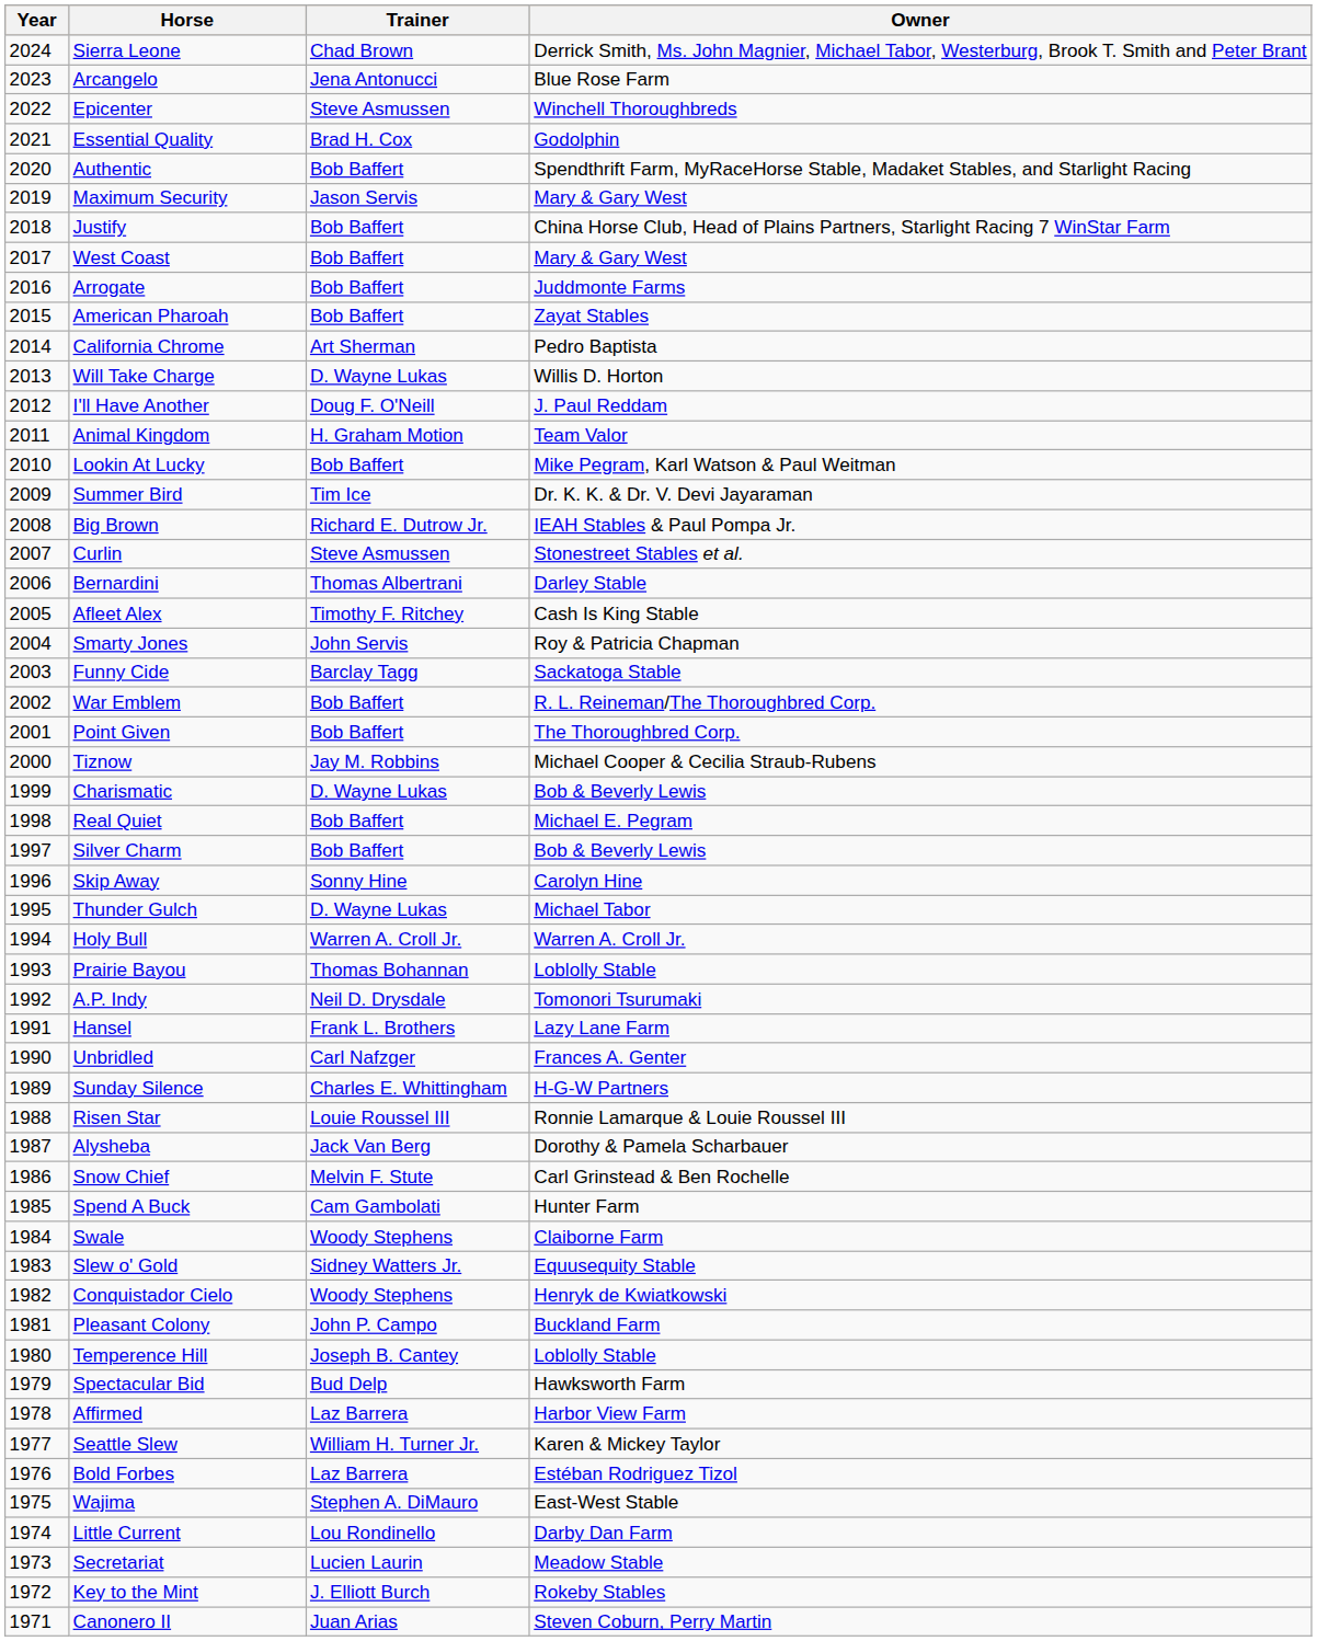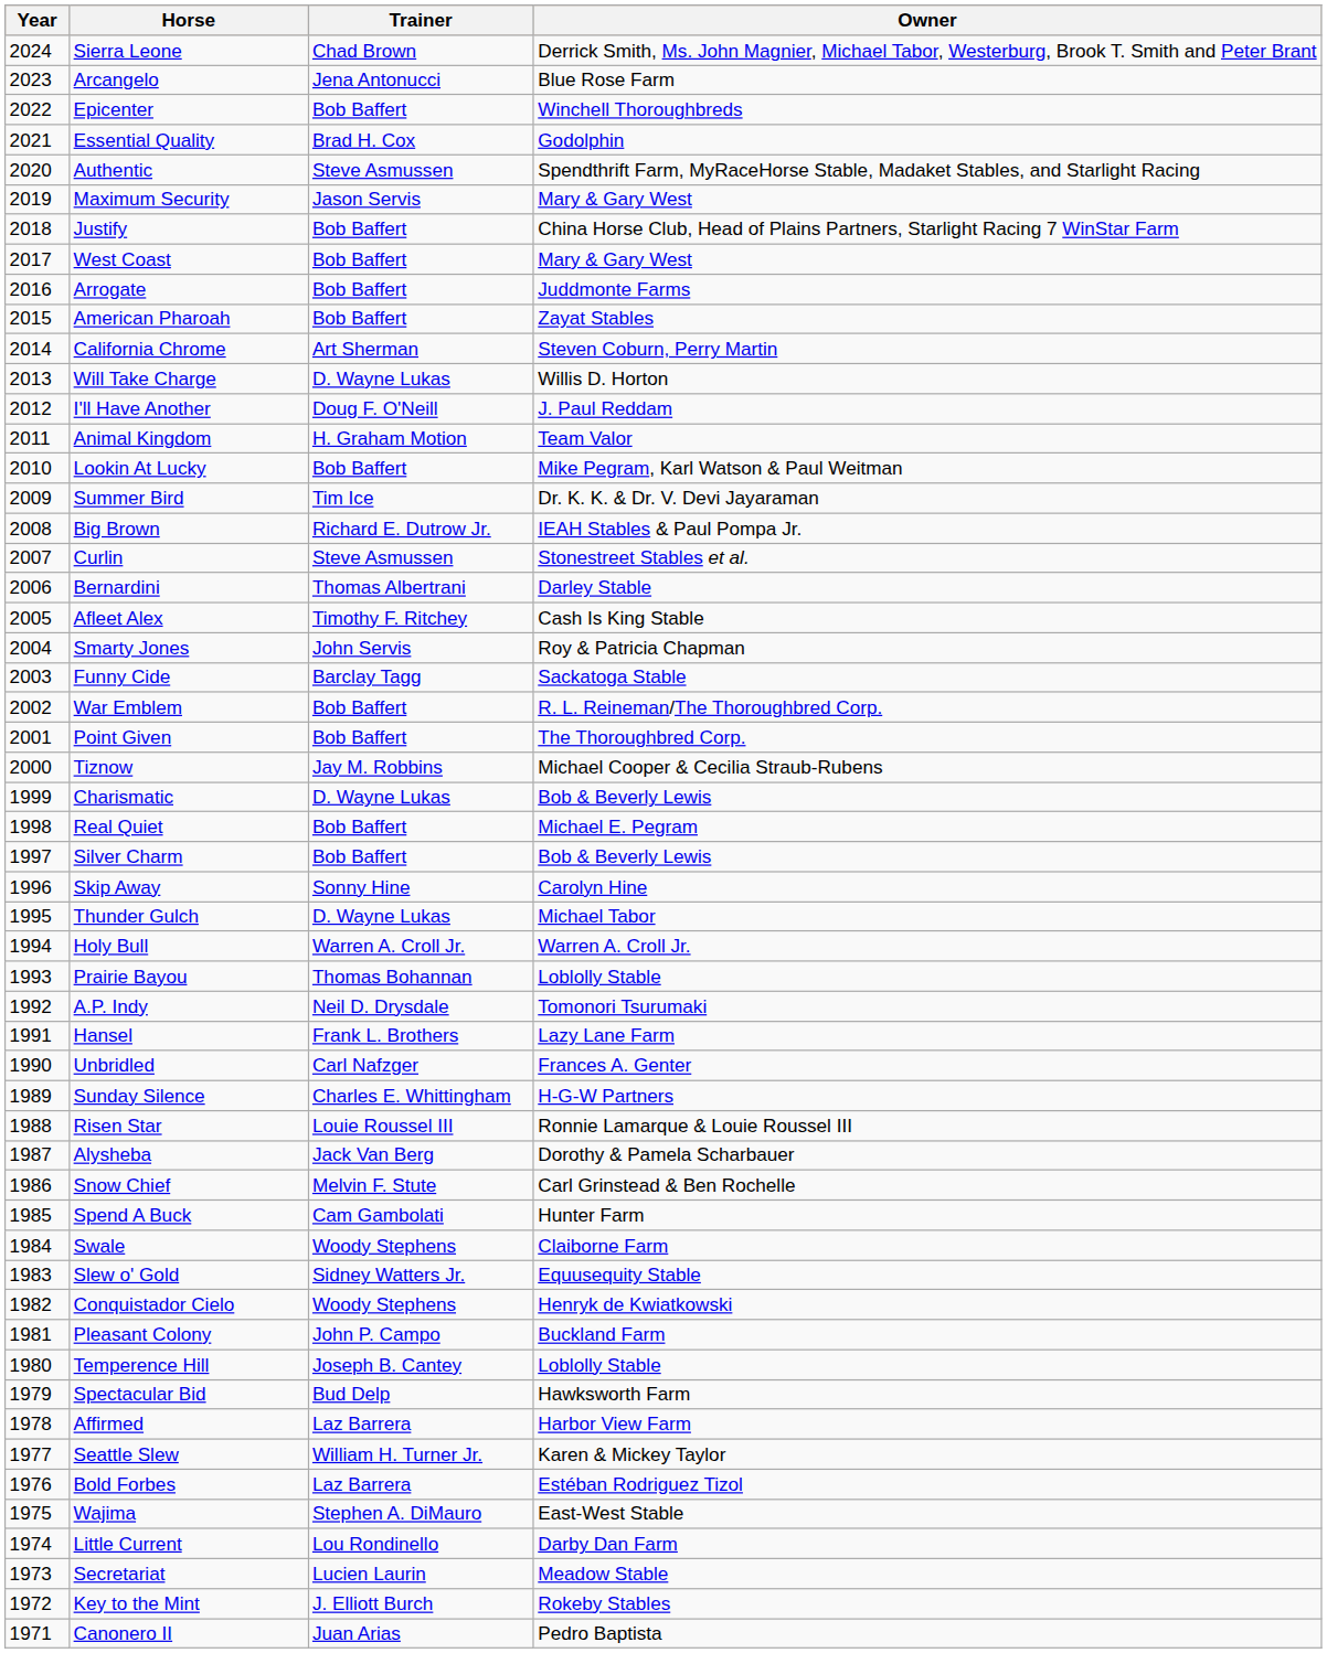 <table class = "wikitable sortable" | border="1" cellpadding="0" style="border-collapse: collapse; font-size:90%">
 <tr style="background:#987654; text-align:center;">
 <th style="width:42px;"><strong>Year</strong><br></th>
 <th style="width:175px;"><strong>Horse</strong><br></th>
 <th style="width:165px;"><strong>Trainer</strong><br></th>
 <th style="width:"><strong>Owner</strong><br></th>
 </tr>
 <tr>
 <td>2024</td>
 <td><a href='#'>Sierra Leone</a></td>
 <td><a href='#'> Chad Brown</a></td>
 <td>Derrick Smith, <a href='#'> Ms. John Magnier</a>, <a href='#'>Michael Tabor</a>, <a href='#'>Westerburg</a>, Brook T. Smith and <a href='#'>Peter Brant</a></td>
 </tr>
 <tr>
 <td>2023</td>
 <td><a href='#'>Arcangelo</a></td>
 <td><a href='#'>Jena Antonucci</a></td>
 <td>Blue Rose Farm</td>
 </tr>
 <tr>
 <td>2022</td>
 <td><a href='#'>Epicenter</a></td>
-<td><a href='#'>Steve Asmussen</a></td>
+<td><a href='#'>Bob Baffert</a></td>
 <td><a href='#'>Winchell Thoroughbreds</a></td>
 </tr>
 <tr>
 <td>2021</td>
 <td><a href='#'>Essential Quality</a></td>
 <td><a href='#'>Brad H. Cox</a></td>
 <td><a href='#'>Godolphin</a></td>
 </tr>
 <tr>
 <td>2020</td>
 <td><a href='#'>Authentic</a></td>
-<td><a href='#'>Bob Baffert</a></td>
+<td><a href='#'>Steve Asmussen</a></td>
 <td>Spendthrift Farm, MyRaceHorse Stable, Madaket Stables, and Starlight Racing</td>
 </tr>
 <tr>
 <td>2019</td>
 <td><a href='#'>Maximum Security</a></td>
 <td><a href='#'>Jason Servis</a></td>
 <td><a href='#'>Mary & Gary West</a></td>
 </tr>
 <tr>
 <td>2018</td>
 <td><a href='#'>Justify</a></td>
 <td><a href='#'>Bob Baffert</a></td>
 <td>China Horse Club, Head of Plains Partners, Starlight Racing 7 <a href='#'>WinStar Farm</a></td>
 </tr>
 <tr>
 <td>2017</td>
 <td><a href='#'>West Coast</a></td>
 <td><a href='#'>Bob Baffert</a></td>
 <td><a href='#'>Mary & Gary West</a></td>
 </tr>
 <tr>
 <td>2016</td>
 <td><a href='#'>Arrogate</a></td>
 <td><a href='#'>Bob Baffert</a></td>
 <td><a href='#'>Juddmonte Farms</a></td>
 </tr>
 <tr>
 <td>2015</td>
 <td><a href='#'>American Pharoah</a></td>
 <td><a href='#'>Bob Baffert</a></td>
 <td><a href='#'>Zayat Stables</a></td>
 </tr>
 <tr>
 <td>2014</td>
 <td><a href='#'>California Chrome</a></td>
 <td><a href='#'>Art Sherman</a></td>
-<td>Pedro Baptista</td>
+<td><a href='#'>Steven Coburn, Perry Martin</a></td>
 </tr>
 <tr>
 <td>2013</td>
 <td><a href='#'>Will Take Charge</a></td>
 <td><a href='#'>D. Wayne Lukas</a></td>
 <td>Willis D. Horton</td>
 </tr>
 <tr>
 <td>2012</td>
 <td><a href='#'>I'll Have Another</a></td>
 <td><a href='#'>Doug F. O'Neill</a></td>
 <td><a href='#'>J. Paul Reddam</a></td>
 </tr>
 <tr>
 <td>2011</td>
 <td><a href='#'>Animal Kingdom</a></td>
 <td><a href='#'>H. Graham Motion</a></td>
 <td><a href='#'>Team Valor</a></td>
 </tr>
 <tr>
 <td>2010</td>
 <td><a href='#'>Lookin At Lucky</a></td>
 <td><a href='#'>Bob Baffert</a></td>
 <td><a href='#'>Mike Pegram</a>, Karl Watson & Paul Weitman</td>
 </tr>
 <tr>
 <td>2009</td>
 <td><a href='#'>Summer Bird</a></td>
 <td><a href='#'>Tim Ice</a></td>
 <td>Dr. K. K. & Dr. V. Devi Jayaraman</td>
 </tr>
 <tr>
 <td>2008</td>
 <td><a href='#'>Big Brown</a></td>
 <td><a href='#'>Richard E. Dutrow Jr.</a></td>
 <td><a href='#'>IEAH Stables</a> & Paul Pompa Jr.</td>
 </tr>
 <tr>
 <td>2007</td>
 <td><a href='#'>Curlin</a></td>
 <td><a href='#'>Steve Asmussen</a></td>
 <td><a href='#'>Stonestreet Stables</a> <em>et al.</em></td>
 </tr>
 <tr>
 <td>2006</td>
 <td><a href='#'>Bernardini</a></td>
 <td><a href='#'>Thomas Albertrani</a></td>
 <td><a href='#'>Darley Stable</a></td>
 </tr>
 <tr>
 <td>2005</td>
 <td><a href='#'>Afleet Alex</a></td>
 <td><a href='#'>Timothy F. Ritchey</a></td>
 <td>Cash Is King Stable</td>
 </tr>
 <tr>
 <td>2004</td>
 <td><a href='#'>Smarty Jones</a></td>
 <td><a href='#'>John Servis</a></td>
 <td>Roy & Patricia Chapman</td>
 </tr>
 <tr>
 <td>2003</td>
 <td><a href='#'>Funny Cide</a></td>
 <td><a href='#'>Barclay Tagg</a></td>
 <td><a href='#'>Sackatoga Stable</a></td>
 </tr>
 <tr>
 <td>2002</td>
 <td><a href='#'>War Emblem</a></td>
 <td><a href='#'>Bob Baffert</a></td>
 <td><a href='#'>R. L. Reineman</a>/<a href='#'>The Thoroughbred Corp.</a></td>
 </tr>
 <tr>
 <td>2001</td>
 <td><a href='#'>Point Given</a></td>
 <td><a href='#'>Bob Baffert</a></td>
 <td><a href='#'>The Thoroughbred Corp.</a></td>
 </tr>
 <tr>
 <td>2000</td>
 <td><a href='#'>Tiznow</a></td>
 <td><a href='#'>Jay M. Robbins</a></td>
 <td>Michael Cooper & Cecilia Straub-Rubens</td>
 </tr>
 <tr>
 <td>1999</td>
 <td><a href='#'>Charismatic</a></td>
 <td><a href='#'>D. Wayne Lukas</a></td>
 <td><a href='#'>Bob & Beverly Lewis</a></td>
 </tr>
 <tr>
 <td>1998</td>
 <td><a href='#'>Real Quiet</a></td>
 <td><a href='#'>Bob Baffert</a></td>
 <td><a href='#'>Michael E. Pegram</a></td>
 </tr>
 <tr>
 <td>1997</td>
 <td><a href='#'>Silver Charm</a></td>
 <td><a href='#'>Bob Baffert</a></td>
 <td><a href='#'>Bob & Beverly Lewis</a></td>
 </tr>
 <tr>
 <td>1996</td>
 <td><a href='#'>Skip Away</a></td>
 <td><a href='#'>Sonny Hine</a></td>
 <td><a href='#'>Carolyn Hine</a></td>
 </tr>
 <tr>
 <td>1995</td>
 <td><a href='#'>Thunder Gulch</a></td>
 <td><a href='#'>D. Wayne Lukas</a></td>
 <td><a href='#'>Michael Tabor</a></td>
 </tr>
 <tr>
 <td>1994</td>
 <td><a href='#'>Holy Bull</a></td>
 <td><a href='#'>Warren A. Croll Jr.</a></td>
 <td><a href='#'>Warren A. Croll Jr.</a></td>
 </tr>
 <tr>
 <td>1993</td>
 <td><a href='#'>Prairie Bayou</a></td>
 <td><a href='#'>Thomas Bohannan</a></td>
 <td><a href='#'>Loblolly Stable</a></td>
 </tr>
 <tr>
 <td>1992</td>
 <td><a href='#'>A.P. Indy</a></td>
 <td><a href='#'>Neil D. Drysdale</a></td>
 <td><a href='#'>Tomonori Tsurumaki</a></td>
 </tr>
 <tr>
 <td>1991</td>
 <td><a href='#'>Hansel</a></td>
 <td><a href='#'>Frank L. Brothers</a></td>
 <td><a href='#'>Lazy Lane Farm</a></td>
 </tr>
 <tr>
 <td>1990</td>
 <td><a href='#'>Unbridled</a></td>
 <td><a href='#'>Carl Nafzger</a></td>
 <td><a href='#'>Frances A. Genter</a></td>
 </tr>
 <tr>
 <td>1989</td>
 <td><a href='#'>Sunday Silence</a></td>
 <td><a href='#'>Charles E. Whittingham</a></td>
 <td><a href='#'>H-G-W Partners</a></td>
 </tr>
 <tr>
 <td>1988</td>
 <td><a href='#'>Risen Star</a></td>
 <td><a href='#'>Louie Roussel III</a></td>
 <td>Ronnie Lamarque & Louie Roussel III</td>
 </tr>
 <tr>
 <td>1987</td>
 <td><a href='#'>Alysheba</a></td>
 <td><a href='#'>Jack Van Berg</a></td>
 <td>Dorothy & Pamela Scharbauer</td>
 </tr>
 <tr>
 <td>1986</td>
 <td><a href='#'>Snow Chief</a></td>
 <td><a href='#'>Melvin F. Stute</a></td>
 <td>Carl Grinstead & Ben Rochelle</td>
 </tr>
 <tr>
 <td>1985</td>
 <td><a href='#'>Spend A Buck</a></td>
 <td><a href='#'>Cam Gambolati</a></td>
 <td>Hunter Farm</td>
 </tr>
 <tr>
 <td>1984</td>
 <td><a href='#'>Swale</a></td>
 <td><a href='#'>Woody Stephens</a></td>
 <td><a href='#'>Claiborne Farm</a></td>
 </tr>
 <tr>
 <td>1983</td>
 <td><a href='#'>Slew o' Gold</a></td>
 <td><a href='#'>Sidney Watters Jr.</a></td>
 <td><a href='#'>Equusequity Stable</a></td>
 </tr>
 <tr>
 <td>1982</td>
 <td><a href='#'>Conquistador Cielo</a></td>
 <td><a href='#'>Woody Stephens</a></td>
 <td><a href='#'>Henryk de Kwiatkowski</a></td>
 </tr>
 <tr>
 <td>1981</td>
 <td><a href='#'>Pleasant Colony</a></td>
 <td><a href='#'>John P. Campo</a></td>
 <td><a href='#'>Buckland Farm</a></td>
 </tr>
 <tr>
 <td>1980</td>
 <td><a href='#'>Temperence Hill</a></td>
 <td><a href='#'>Joseph B. Cantey</a></td>
 <td><a href='#'>Loblolly Stable</a></td>
 </tr>
 <tr>
 <td>1979</td>
 <td><a href='#'>Spectacular Bid</a></td>
 <td><a href='#'>Bud Delp</a></td>
 <td>Hawksworth Farm</td>
 </tr>
 <tr>
 <td>1978</td>
 <td><a href='#'>Affirmed</a></td>
 <td><a href='#'>Laz Barrera</a></td>
 <td><a href='#'>Harbor View Farm</a></td>
 </tr>
 <tr>
 <td>1977</td>
 <td><a href='#'>Seattle Slew</a></td>
 <td><a href='#'>William H. Turner Jr.</a></td>
 <td>Karen & Mickey Taylor</td>
 </tr>
 <tr>
 <td>1976</td>
 <td><a href='#'>Bold Forbes</a></td>
 <td><a href='#'>Laz Barrera</a></td>
 <td><a href='#'>Estéban Rodriguez Tizol</a></td>
 </tr>
 <tr>
 <td>1975</td>
 <td><a href='#'>Wajima</a></td>
 <td><a href='#'>Stephen A. DiMauro</a></td>
 <td>East-West Stable</td>
 </tr>
 <tr>
 <td>1974</td>
 <td><a href='#'>Little Current</a></td>
 <td><a href='#'>Lou Rondinello</a></td>
 <td><a href='#'>Darby Dan Farm</a></td>
 </tr>
 <tr>
 <td>1973</td>
 <td><a href='#'>Secretariat</a></td>
 <td><a href='#'>Lucien Laurin</a></td>
 <td><a href='#'>Meadow Stable</a></td>
 </tr>
 <tr>
 <td>1972</td>
 <td><a href='#'>Key to the Mint</a></td>
 <td><a href='#'>J. Elliott Burch</a></td>
 <td><a href='#'>Rokeby Stables</a></td>
 </tr>
 <tr>
 <td>1971</td>
 <td><a href='#'>Canonero II</a></td>
 <td><a href='#'>Juan Arias</a></td>
-<td><a href='#'>Steven Coburn, Perry Martin</a></td>
+<td>Pedro Baptista</td>
 </tr>
 </table>
